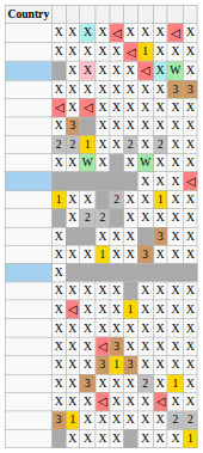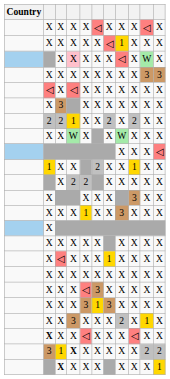 <table class="wikitable collapsible collapsed" style="margin:10px;text-align:center;">
 <tr>
 <th scope="col">Country</th>
 <th scope="col"></th>
 <th scope="col"></th>
 <th scope="col"></th>
 <th scope="col"></th>
 <th scope="col"></th>
 <th scope="col"></th>
 <th scope="col"></th>
 <th scope="col"></th>
 <th scope="col"></th>
 <th scope="col"></th>
 </tr>
 <tr>
 <td align=left></td>
 <td>X</td>
 <td>X</td>
-<td style="background: paleturquoise;">X</td>
+<td>X</td>
 <td>X</td>
 <td bgcolor="#FE8080">◁</td>
 <td>X</td>
 <td>X</td>
 <td>X</td>
 <td bgcolor="#FE8080">◁</td>
 <td>X</td>
 </tr>
 <tr>
 <td align=left></td>
 <td>X</td>
 <td>X</td>
 <td>X</td>
 <td>X</td>
 <td>X</td>
 <td bgcolor="#FE8080">◁</td>
 <td style="background:gold">1</td>
 <td>X</td>
 <td>X</td>
 <td>X</td>
 </tr>
 <tr>
 <td bgcolor="#A4D1EF" align=left> </td>
 <td bgcolor="#AAA"></td>
 <td>X</td>
 <td style="background: pink;">X</td>
 <td>X</td>
 <td>X</td>
 <td>X</td>
 <td bgcolor="#FE8080">◁</td>
-<td style="background: paleturquoise;">X</td>
+<td>X</td>
 <td style="background:#A4EAA9;">W</td>
 <td>X</td>
 </tr>
 <tr>
 <td align=left></td>
 <td>X</td>
 <td>X</td>
 <td>X</td>
 <td>X</td>
 <td>X</td>
 <td>X</td>
 <td>X</td>
 <td>X</td>
 <td style="background:#C96;">3</td>
 <td style="background:#C96;">3</td>
 </tr>
 <tr>
 <td align=left></td>
 <td bgcolor="#FE8080">◁</td>
 <td>X</td>
 <td bgcolor="#FE8080">◁</td>
 <td>X</td>
 <td>X</td>
 <td>X</td>
 <td>X</td>
 <td>X</td>
 <td>X</td>
 <td>X</td>
 </tr>
 <tr>
 <td align=left></td>
 <td>X</td>
 <td style="background:#C96;">3</td>
 <td bgcolor="#AAA"></td>
 <td>X</td>
 <td>X</td>
 <td>X</td>
 <td>X</td>
 <td>X</td>
 <td>X</td>
 <td>X</td>
 </tr>
 <tr>
 <td align=left></td>
 <td style="background:silver">2</td>
 <td style="background:silver">2</td>
 <td style="background:gold">1</td>
 <td>X</td>
 <td>X</td>
 <td style="background:silver">2</td>
 <td>X</td>
 <td style="background:silver">2</td>
 <td>X</td>
 <td>X</td>
 </tr>
 <tr>
 <td align=left></td>
 <td>X</td>
 <td>X</td>
 <td style="background:#A4EAA9;">W</td>
 <td>X</td>
 <td bgcolor="#AAA"></td>
 <td>X</td>
 <td style="background:#A4EAA9;">W</td>
 <td>X</td>
 <td>X</td>
 <td>X</td>
 </tr>
 <tr>
 <td bgcolor="#A4D1EF" align=left> </td>
 <td bgcolor="#AAA" colspan=6></td>
 <td>X</td>
 <td>X</td>
 <td>X</td>
 <td bgcolor="#FE8080">◁</td>
 </tr>
 <tr>
 <td align=left></td>
 <td style="background:gold">1</td>
 <td>X</td>
 <td>X</td>
 <td bgcolor="#AAA"></td>
 <td style="background:silver">2</td>
 <td>X</td>
 <td>X</td>
 <td style="background:gold">1</td>
 <td>X</td>
 <td>X</td>
 </tr>
 <tr>
 <td align=left></td>
 <td bgcolor="#AAA"></td>
 <td>X</td>
 <td style="background:silver">2</td>
 <td style="background:silver">2</td>
 <td bgcolor="#AAA"></td>
 <td>X</td>
 <td>X</td>
 <td>X</td>
 <td>X</td>
 <td>X</td>
 </tr>
 <tr>
 <td align=left></td>
 <td>X</td>
 <td bgcolor="#AAA" colspan=2></td>
 <td>X</td>
 <td>X</td>
 <td>X</td>
 <td bgcolor="#AAA"></td>
 <td style="background:#C96;">3</td>
 <td>X</td>
 <td>X</td>
 </tr>
 <tr>
 <td align=left></td>
 <td>X</td>
 <td>X</td>
 <td>X</td>
 <td style="background:gold">1</td>
 <td>X</td>
 <td>X</td>
 <td style="background:#C96;">3</td>
 <td>X</td>
 <td>X</td>
 <td>X</td>
 </tr>
 <tr>
 <td bgcolor="#A4D1EF" align=left> </td>
 <td>X</td>
 <td bgcolor="#AAA" colspan=9></td>
 </tr>
 <tr>
 <td align=left></td>
 <td>X</td>
 <td>X</td>
 <td>X</td>
 <td>X</td>
 <td>X</td>
 <td bgcolor="#AAA"></td>
 <td>X</td>
 <td>X</td>
 <td>X</td>
 <td>X</td>
 </tr>
 <tr>
 <td align=left></td>
 <td>X</td>
 <td bgcolor="#FE8080">◁</td>
 <td>X</td>
 <td>X</td>
 <td>X</td>
 <td style="background:gold">1</td>
 <td>X</td>
 <td>X</td>
 <td>X</td>
 <td>X</td>
 </tr>
 <tr>
 <td align=left></td>
 <td>X</td>
 <td>X</td>
 <td>X</td>
 <td>X</td>
 <td>X</td>
 <td>X</td>
 <td>X</td>
 <td>X</td>
 <td>X</td>
 <td>X</td>
 </tr>
 <tr>
 <td align=left> </td>
 <td>X</td>
 <td>X</td>
 <td>X</td>
 <td bgcolor="#FE8080">◁</td>
 <td style="background:#C96;">3</td>
 <td>X</td>
 <td>X</td>
 <td>X</td>
 <td>X</td>
 <td>X</td>
 </tr>
 <tr>
 <td align=left></td>
 <td>X</td>
 <td>X</td>
 <td>X</td>
 <td style="background:#C96;">3</td>
 <td style="background:gold">1</td>
 <td style="background:#C96;">3</td>
 <td>X</td>
 <td>X</td>
 <td>X</td>
 <td>X</td>
 </tr>
 <tr>
 <td align=left></td>
 <td>X</td>
 <td>X</td>
 <td style="background:#C96;">3</td>
 <td>X</td>
 <td>X</td>
 <td>X</td>
 <td style="background:silver">2</td>
 <td>X</td>
 <td style="background:gold">1</td>
 <td>X</td>
 </tr>
 <tr>
 <td align=left></td>
-<td>X</td>
+<td><strong>X</strong></td>
 <td>X</td>
 <td>X</td>
 <td bgcolor="#FE8080">◁</td>
 <td>X</td>
 <td>X</td>
 <td>X</td>
 <td bgcolor="#FE8080">◁</td>
 <td>X</td>
 <td>X</td>
 </tr>
 <tr>
 <td align=left></td>
 <td style="background:#C96;">3</td>
 <td style="background:gold">1</td>
-<td>X</td>
+<td><strong>X</strong></td>
 <td>X</td>
 <td>X</td>
 <td>X</td>
 <td>X</td>
 <td>X</td>
 <td style="background:silver">2</td>
 <td style="background:silver">2</td>
 </tr>
 <tr>
 <td align=left></td>
 <td bgcolor="#AAA"></td>
-<td>X</td>
+<td><strong>X</strong></td>
 <td>X</td>
 <td>X</td>
 <td>X</td>
 <td bgcolor="#AAA"></td>
 <td>X</td>
 <td>X</td>
 <td>X</td>
 <td style="background:gold">1</td>
 </tr>
 </table>
